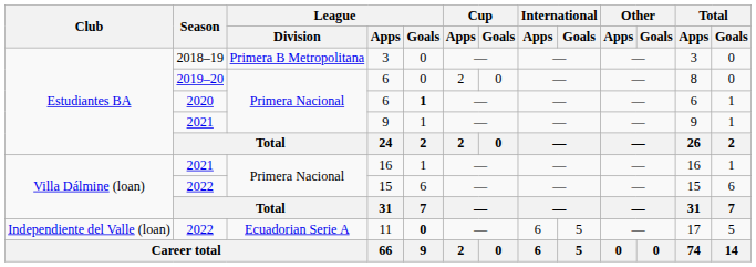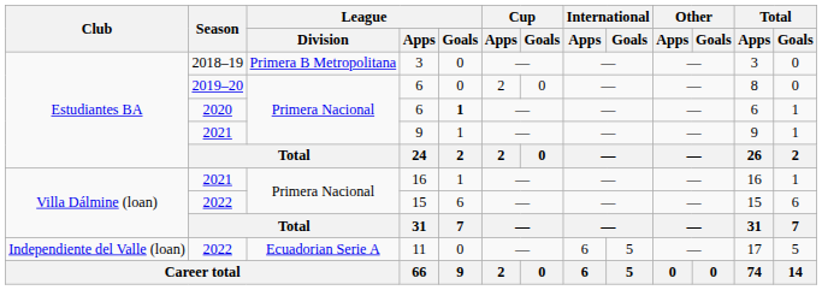 <table class="wikitable" style="text-align: center;">
 <tr>
 <th rowspan="2">Club</th>
 <th rowspan="2">Season</th>
 <th colspan="3">League</th>
 <th colspan="2">Cup</th>
 <th colspan="2">International</th>
 <th colspan="2">Other</th>
 <th colspan="2">Total</th>
 </tr>
 <tr>
 <th>Division</th>
 <th>Apps</th>
 <th>Goals</th>
 <th>Apps</th>
 <th>Goals</th>
 <th>Apps</th>
 <th>Goals</th>
 <th>Apps</th>
 <th>Goals</th>
 <th>Apps</th>
 <th>Goals</th>
 </tr>
 <tr>
 <td rowspan="5"><a href='#'>Estudiantes BA</a></td>
 <td>2018–19</td>
 <td><a href='#'>Primera B Metropolitana</a></td>
 <td>3</td>
 <td>0</td>
 <td colspan="2">—</td>
 <td colspan="2">—</td>
 <td colspan="2">—</td>
 <td>3</td>
 <td>0</td>
 </tr>
 <tr>
 <td><a href='#'>2019–20</a></td>
 <td rowspan="3"><a href='#'>Primera Nacional</a></td>
 <td>6</td>
 <td>0</td>
 <td>2</td>
 <td>0</td>
 <td colspan="2">—</td>
 <td colspan="2">—</td>
 <td>8</td>
 <td>0</td>
 </tr>
 <tr>
 <td><a href='#'>2020</a></td>
 <td>6</td>
 <td><strong>1</strong></td>
 <td colspan="2">—</td>
 <td colspan="2">—</td>
 <td colspan="2">—</td>
 <td>6</td>
 <td>1</td>
 </tr>
 <tr>
 <td><a href='#'>2021</a></td>
 <td>9</td>
 <td>1</td>
 <td colspan="2">—</td>
 <td colspan="2">—</td>
 <td colspan="2">—</td>
 <td>9</td>
 <td>1</td>
 </tr>
 <tr>
 <th colspan="2">Total</th>
 <th>24</th>
 <th>2</th>
 <th>2</th>
 <th>0</th>
 <th colspan="2">—</th>
 <th colspan="2">—</th>
 <th>26</th>
 <th>2</th>
 </tr>
 <tr>
 <td rowspan="3"><a href='#'>Villa Dálmine</a> (loan)</td>
 <td><a href='#'>2021</a></td>
 <td rowspan="2">Primera Nacional</td>
 <td>16</td>
 <td>1</td>
 <td colspan="2">—</td>
 <td colspan="2">—</td>
 <td colspan="2">—</td>
 <td>16</td>
 <td>1</td>
 </tr>
 <tr>
 <td><a href='#'>2022</a></td>
 <td>15</td>
 <td>6</td>
 <td colspan="2">—</td>
 <td colspan="2">—</td>
 <td colspan="2">—</td>
 <td>15</td>
 <td>6</td>
 </tr>
 <tr>
 <th colspan="2">Total</th>
 <th>31</th>
 <th>7</th>
 <th colspan="2">—</th>
 <th colspan="2">—</th>
 <th colspan="2">—</th>
 <th>31</th>
 <th>7</th>
 </tr>
 <tr>
 <td><a href='#'>Independiente del Valle</a> (loan)</td>
 <td><a href='#'>2022</a></td>
 <td><a href='#'>Ecuadorian Serie A</a></td>
 <td>11</td>
-<td><strong>0</strong></td>
+<td>0</td>
 <td colspan="2">—</td>
 <td>6</td>
 <td>5</td>
 <td colspan="2">—</td>
 <td>17</td>
 <td>5</td>
 </tr>
 <tr>
 <th colspan="3">Career total</th>
 <th>66</th>
 <th>9</th>
 <th>2</th>
 <th>0</th>
 <th>6</th>
 <th>5</th>
 <th>0</th>
 <th>0</th>
 <th>74</th>
 <th>14</th>
 </tr>
 </table>
